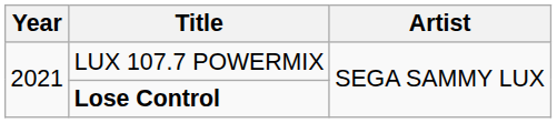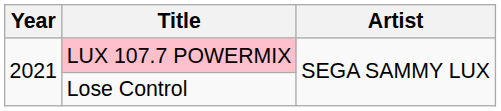 <table class="wikitable">
 <tr>
 <th>Year</th>
 <th>Title</th>
 <th>Artist</th>
 </tr>
 <tr>
 <td rowspan="2">2021</td>
-<td>LUX 107.7 POWERMIX</td>
+<td style="background: pink;">LUX 107.7 POWERMIX</td>
 <td rowspan="2">SEGA SAMMY LUX</td>
 </tr>
 <tr>
-<td><strong>Lose Control</strong></td>
+<td>Lose Control</td>
 </tr>
 </table>
